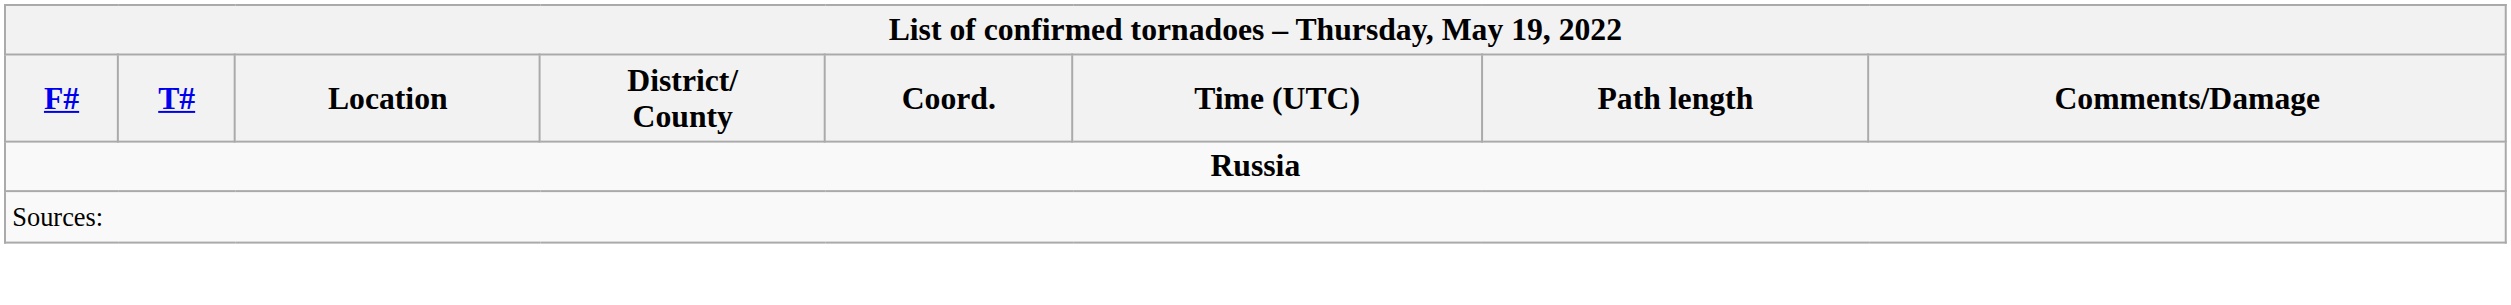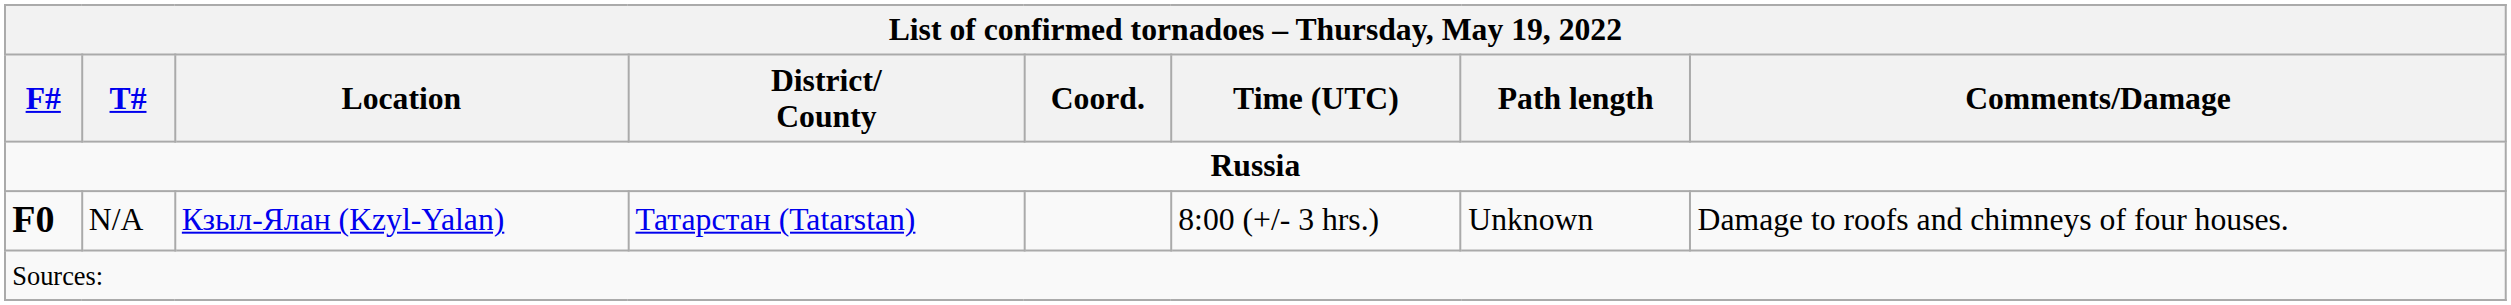 <table class="wikitable collapsible" width="100%">
 <tr>
 <th colspan="8">List of confirmed tornadoes – Thursday, May 19, 2022</th>
 </tr>
 <tr>
 <th><a href='#'>F#</a></th>
 <th><a href='#'>T#</a></th>
 <th>Location</th>
 <th>District/<br>County</th>
 <th>Coord.</th>
 <th>Time (UTC)</th>
 <th>Path length</th>
 <th>Comments/Damage</th>
 </tr>
 <tr>
 <td colspan="8" align=center><strong>Russia</strong></td>
 </tr>
 <tr>
+<td><big><strong>F0</strong></big></td>
+<td>N/A</td>
+<td><a href='#'>Кзыл-Ялан (Kzyl-Yalan)</a></td>
+<td><a href='#'>Татарстан (Tatarstan)</a></td>
+<td></td>
+<td>8:00 (+/- 3 hrs.)</td>
+<td>Unknown</td>
+<td>Damage to roofs and chimneys of four houses.</td>
+</tr>
+<tr>
 <td colspan="8"><small>Sources:  </small></td>
 </tr>
 </table>
